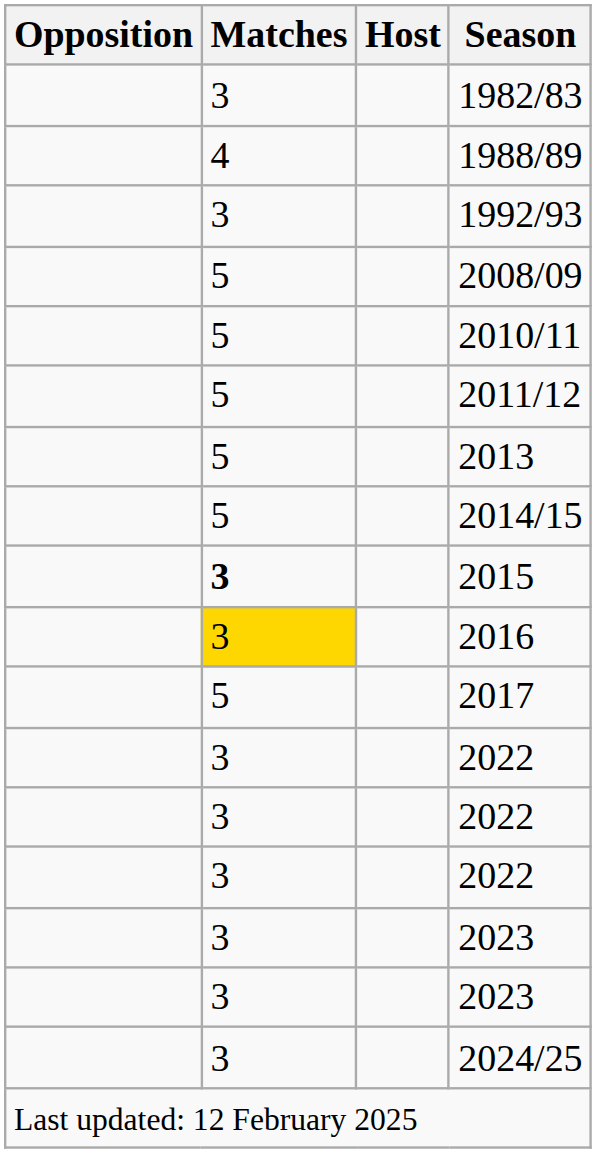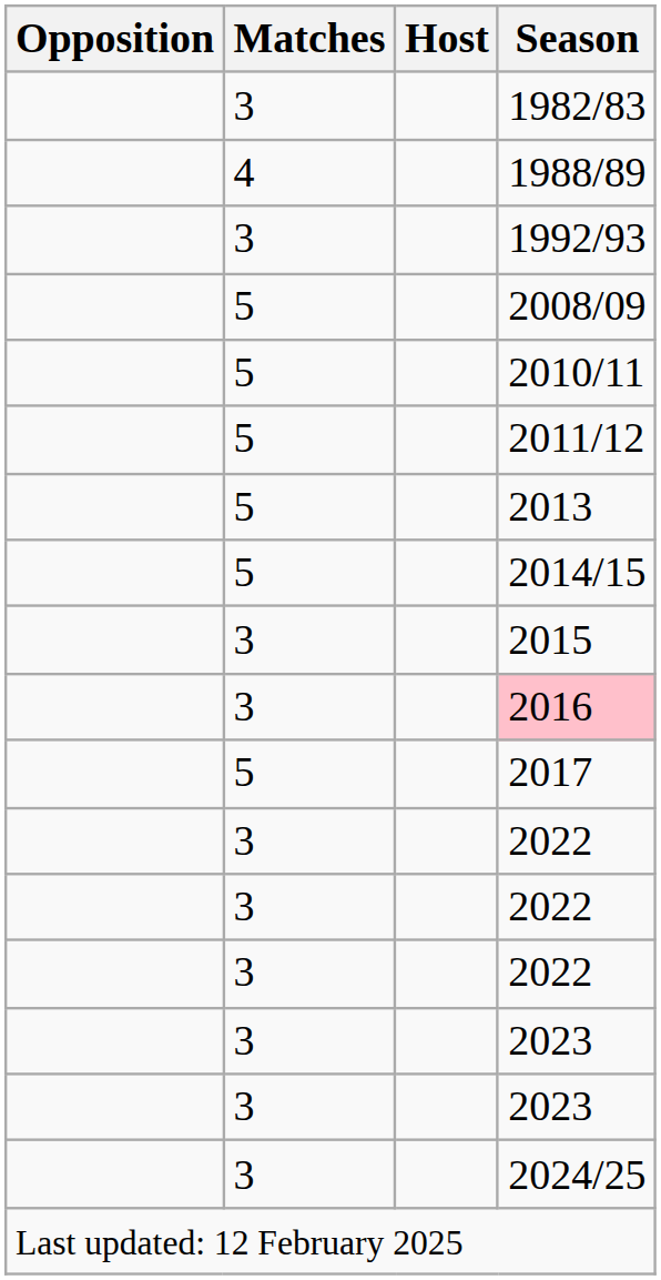 <table class="wikitable sortable">
 <tr>
 <th scope=col>Opposition</th>
 <th scope=col style="text-align:center">Matches</th>
 <th scope=col>Host</th>
 <th scope=col style="text-align:center">Season</th>
 </tr>
 <tr>
 <td></td>
 <td>3</td>
 <td></td>
 <td>1982/83</td>
 </tr>
 <tr>
 <td></td>
 <td>4</td>
 <td></td>
 <td>1988/89</td>
 </tr>
 <tr>
 <td></td>
 <td>3</td>
 <td></td>
 <td>1992/93</td>
 </tr>
 <tr>
 <td></td>
 <td>5</td>
 <td></td>
 <td>2008/09</td>
 </tr>
 <tr>
 <td></td>
 <td>5</td>
 <td></td>
 <td>2010/11</td>
 </tr>
 <tr>
 <td></td>
 <td>5</td>
 <td></td>
 <td>2011/12</td>
 </tr>
 <tr>
 <td></td>
 <td>5</td>
 <td></td>
 <td>2013</td>
 </tr>
 <tr>
 <td></td>
 <td>5</td>
 <td></td>
 <td>2014/15</td>
 </tr>
 <tr>
 <td></td>
-<td><strong>3</strong></td>
+<td>3</td>
 <td></td>
 <td>2015</td>
 </tr>
 <tr>
 <td></td>
-<td style="background: gold;">3</td>
+<td>3</td>
 <td></td>
-<td>2016</td>
+<td style="background: pink;">2016</td>
 </tr>
 <tr>
 <td></td>
 <td>5</td>
 <td></td>
 <td>2017</td>
 </tr>
 <tr>
 <td></td>
 <td>3</td>
 <td></td>
 <td>2022</td>
 </tr>
 <tr>
 <td></td>
 <td>3</td>
 <td></td>
 <td>2022</td>
 </tr>
 <tr>
 <td></td>
 <td>3</td>
 <td></td>
 <td>2022</td>
 </tr>
 <tr>
 <td></td>
 <td>3</td>
 <td></td>
 <td>2023</td>
 </tr>
 <tr>
 <td></td>
 <td>3</td>
 <td></td>
 <td>2023</td>
 </tr>
 <tr>
 <td></td>
 <td>3</td>
 <td></td>
 <td>2024/25</td>
 </tr>
 <tr class=sortbottom>
 <td colspan=5><small>Last updated: 12 February 2025</small></td>
 </tr>
 </table>
